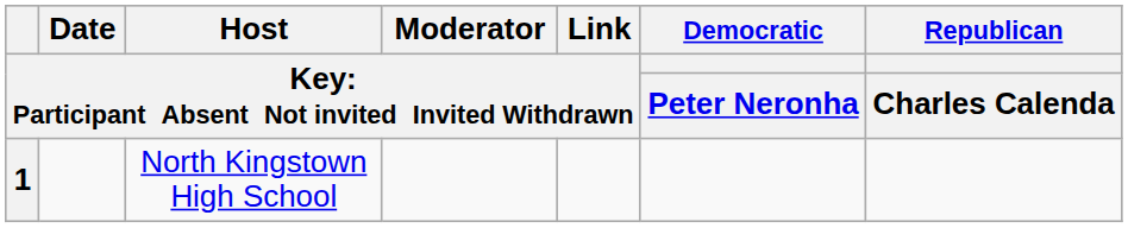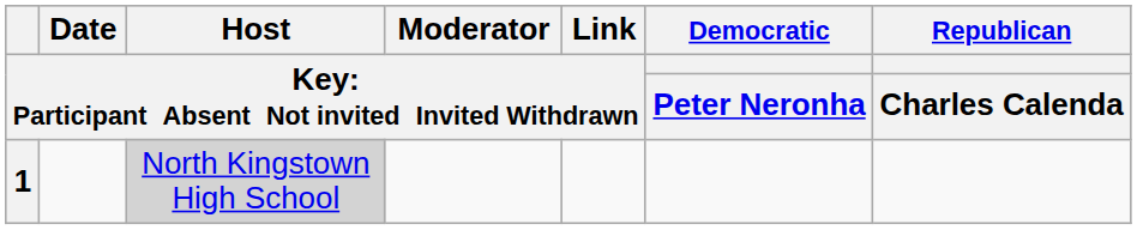 <table class="wikitable" style="text-align:center;">
 <tr>
 <th scope="col"></th>
 <th scope="col">Date</th>
 <th scope="col">Host</th>
 <th scope="col">Moderator</th>
 <th scope="col">Link</th>
 <th scope="col"><small><a href='#'>Democratic</a></small></th>
 <th scope="col"><small><a href='#'>Republican</a></small></th>
 </tr>
 <tr>
 <th colspan="5" rowspan="2">Key:<br> <small>Participant </small>  <small>Absent </small>  <small>Not invited </small>  <small>Invited  Withdrawn</small></th>
 <th scope="col" style="background:"></th>
 <th scope="col" style="background:"></th>
 </tr>
 <tr>
 <th scope="col"><a href='#'>Peter Neronha</a></th>
 <th scope="col">Charles Calenda</th>
 </tr>
 <tr>
 <th>1</th>
 <td style="white-space:nowrap;"></td>
-<td style="white-space:nowrap;"><a href='#'>North Kingstown</a><br><a href='#'>High School</a></td>
+<td style="background: lightgrey; white-space:nowrap;"><a href='#'>North Kingstown</a><br><a href='#'>High School</a></td>
 <td style="white-space:nowrap;"></td>
 <td style="white-space:nowrap;"></td>
 <td></td>
 <td></td>
 </tr>
 </table>
